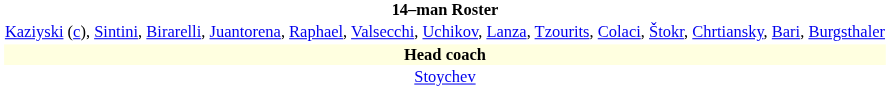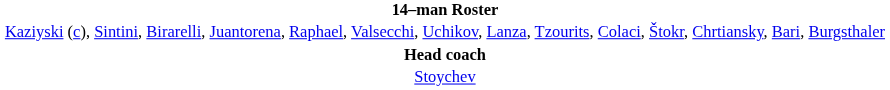 <table style="text-align:center; margin-top:2em; margin-left:auto; margin-right:auto">
 <tr>
 <td><strong>14–man Roster</strong></td>
 </tr>
 <tr>
 <td><a href='#'>Kaziyski</a> (<a href='#'>c</a>), <a href='#'>Sintini</a>, <a href='#'>Birarelli</a>, <a href='#'>Juantorena</a>, <a href='#'>Raphael</a>, <a href='#'>Valsecchi</a>, <a href='#'>Uchikov</a>, <a href='#'>Lanza</a>, <a href='#'>Tzourits</a>, <a href='#'>Colaci</a>, <a href='#'>Štokr</a>, <a href='#'>Chrtiansky</a>, <a href='#'>Bari</a>, <a href='#'>Burgsthaler</a></td>
 </tr>
 <tr>
-<td style="background: lightyellow;"><strong>Head coach</strong></td>
+<td><strong>Head coach</strong></td>
 </tr>
 <tr>
 <td><a href='#'>Stoychev</a></td>
 </tr>
 </table>
